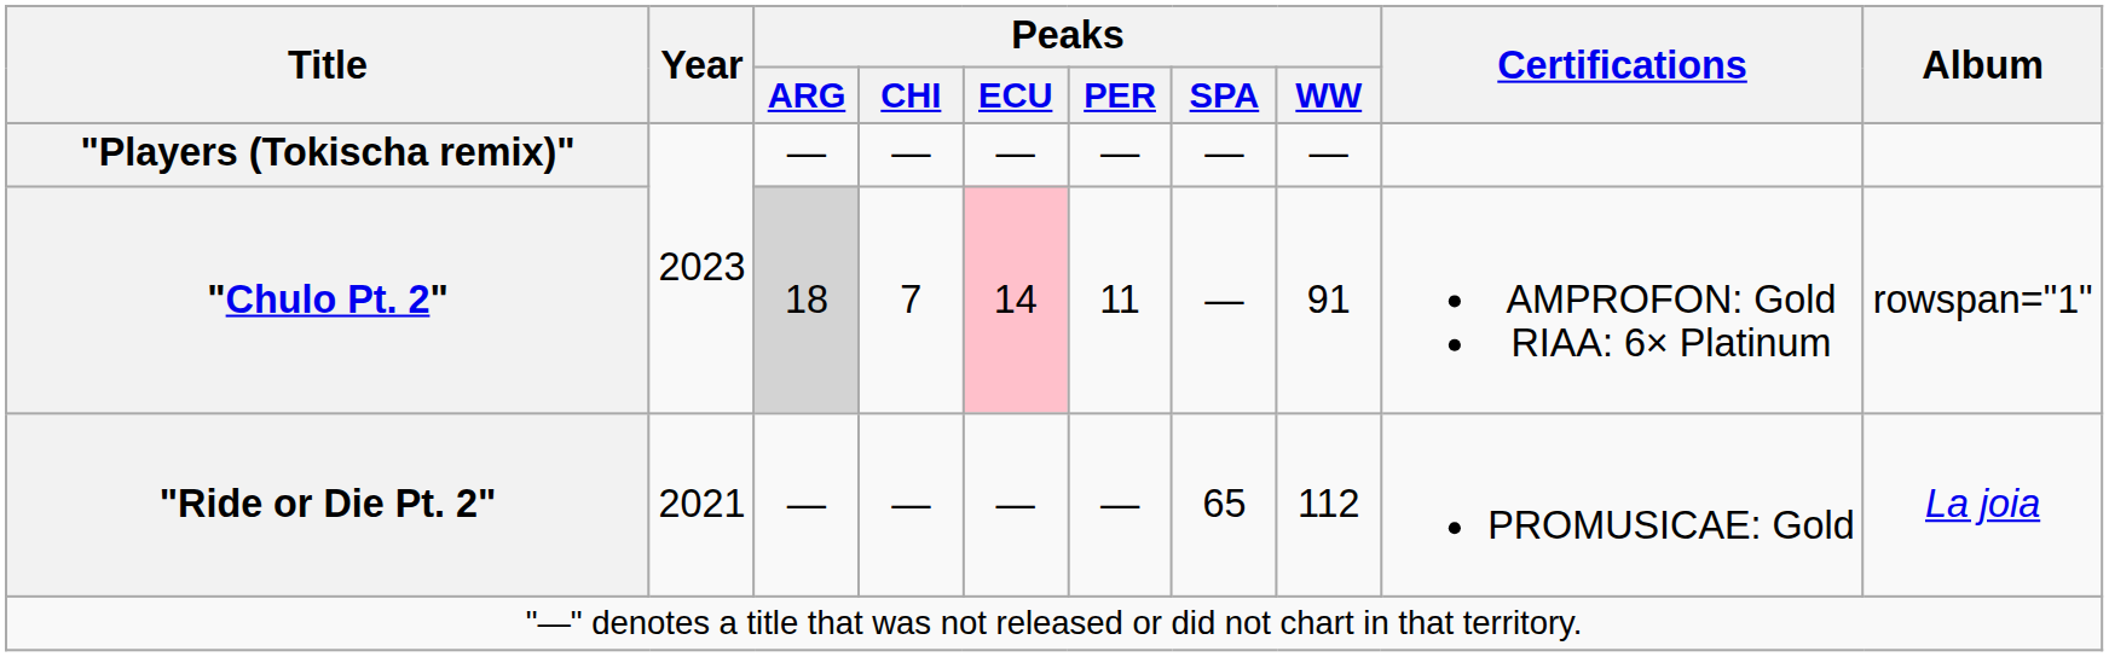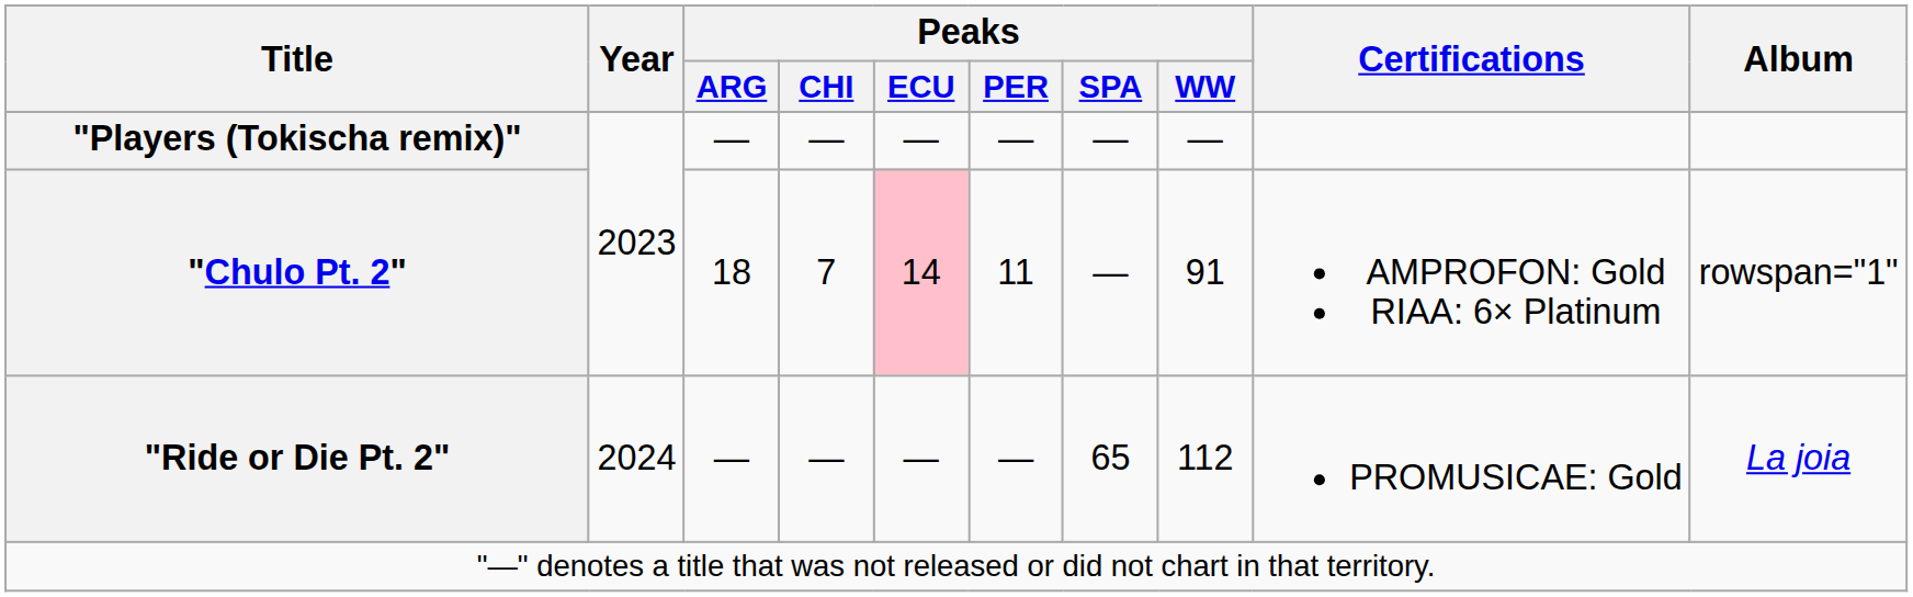 <table class="wikitable plainrowheaders" style="text-align:center">
 <tr>
 <th scope="col" rowspan="2" style="width:16em">Title</th>
 <th scope="col" rowspan="2" style="width:1em">Year</th>
 <th colspan="6">Peaks</th>
 <th rowspan="2" scope="col"><a href='#'>Certifications</a></th>
 <th rowspan="2" scope="col">Album</th>
 </tr>
 <tr>
 <th scope="col" style="width:2.5em;font-size:90%"><a href='#'>ARG</a><br></th>
 <th scope="col" style="width:2.5em;font-size:90%"><a href='#'>CHI</a><br></th>
 <th scope="col" style="width:2.5em;font-size:90%"><a href='#'>ECU</a><br></th>
 <th scope="col" style="width:2.5em;font-size:90%"><a href='#'>PER</a><br></th>
 <th scope="col" style="width:2.5em;font-size:90%"><a href='#'>SPA</a><br></th>
 <th scope="col" style="width:2.5em;font-size:90%"><a href='#'>WW</a><br></th>
 </tr>
 <tr>
 <th scope="row">"Players (Tokischa remix)"<br></th>
 <td rowspan="2">2023</td>
 <td>—</td>
 <td>—</td>
 <td>—</td>
 <td>—</td>
 <td>—</td>
 <td>—</td>
 <td></td>
 <td></td>
 </tr>
 <tr>
 <th scope="row">"<a href='#'>Chulo Pt. 2</a>"<br></th>
-<td style="background: lightgrey;">18</td>
+<td>18</td>
 <td>7</td>
 <td style="background: pink;">14</td>
 <td>11</td>
 <td>—</td>
 <td>91</td>
 <td><br><ul><li>AMPROFON: Gold</li><li>RIAA: 6× Platinum </li></ul></td>
 <td>rowspan="1" </td>
 </tr>
 <tr>
 <th scope="row">"Ride or Die Pt. 2"<br></th>
-<td>2021</td>
+<td>2024</td>
 <td>—</td>
 <td>—</td>
 <td>—</td>
 <td>—</td>
 <td>65</td>
 <td>112</td>
 <td><br><ul><li>PROMUSICAE: Gold</li></ul></td>
 <td><em><a href='#'>La joia</a></em></td>
 </tr>
 <tr>
 <td colspan="14" style="font-size:85%">"—" denotes a title that was not released or did not chart in that territory.</td>
 </tr>
 </table>
